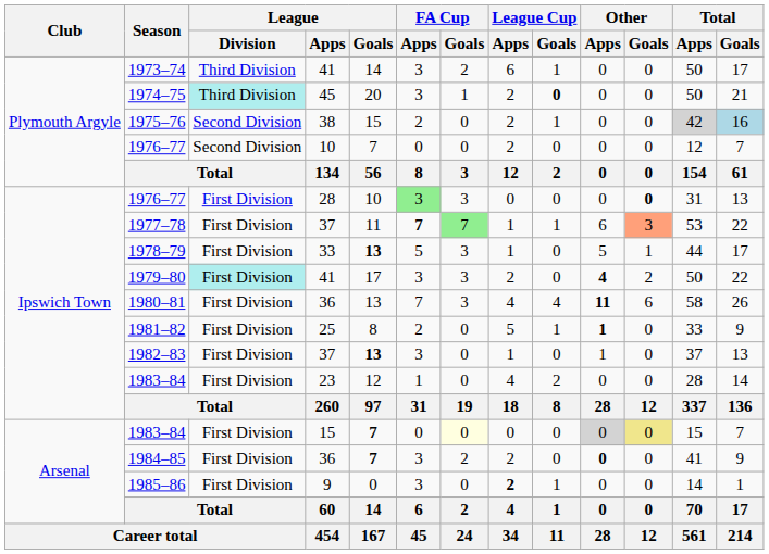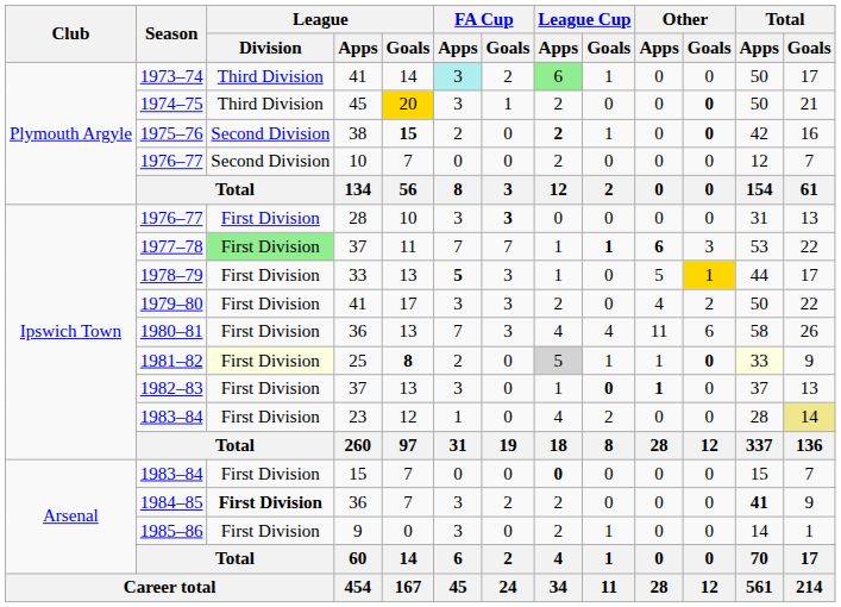 <table class="wikitable" style="text-align:center">
 <tr>
 <th rowspan="2">Club</th>
 <th rowspan="2">Season</th>
 <th colspan="3">League</th>
 <th colspan="2"><a href='#'>FA Cup</a></th>
 <th colspan="2"><a href='#'>League Cup</a></th>
 <th colspan="2">Other</th>
 <th colspan="2">Total</th>
 </tr>
 <tr>
 <th>Division</th>
 <th>Apps</th>
 <th>Goals</th>
 <th>Apps</th>
 <th>Goals</th>
 <th>Apps</th>
 <th>Goals</th>
 <th>Apps</th>
 <th>Goals</th>
 <th>Apps</th>
 <th>Goals</th>
 </tr>
 <tr>
 <td rowspan="5"><a href='#'>Plymouth Argyle</a></td>
 <td><a href='#'>1973–74</a></td>
 <td><a href='#'>Third Division</a></td>
 <td>41</td>
 <td>14</td>
-<td>3</td>
+<td style="background: paleturquoise;">3</td>
 <td>2</td>
-<td>6</td>
+<td style="background: lightgreen;">6</td>
 <td>1</td>
 <td>0</td>
 <td>0</td>
 <td>50</td>
 <td>17</td>
 </tr>
 <tr>
 <td><a href='#'>1974–75</a></td>
-<td style="background: paleturquoise;">Third Division</td>
+<td>Third Division</td>
 <td>45</td>
-<td>20</td>
+<td style="background: gold;">20</td>
 <td>3</td>
 <td>1</td>
 <td>2</td>
-<td><strong>0</strong></td>
 <td>0</td>
 <td>0</td>
+<td><strong>0</strong></td>
 <td>50</td>
 <td>21</td>
 </tr>
 <tr>
 <td><a href='#'>1975–76</a></td>
 <td><a href='#'>Second Division</a></td>
 <td>38</td>
-<td>15</td>
+<td><strong>15</strong></td>
 <td>2</td>
 <td>0</td>
-<td>2</td>
+<td><strong>2</strong></td>
 <td>1</td>
 <td>0</td>
-<td>0</td>
-<td style="background: lightgrey;">42</td>
-<td style="background: lightblue;">16</td>
+<td><strong>0</strong></td>
+<td>42</td>
+<td>16</td>
 </tr>
 <tr>
 <td><a href='#'>1976–77</a></td>
 <td>Second Division</td>
 <td>10</td>
 <td>7</td>
 <td>0</td>
 <td>0</td>
 <td>2</td>
 <td>0</td>
 <td>0</td>
 <td>0</td>
 <td>12</td>
 <td>7</td>
 </tr>
 <tr>
 <th colspan="2">Total</th>
 <th>134</th>
 <th>56</th>
 <th>8</th>
 <th>3</th>
 <th>12</th>
 <th>2</th>
 <th>0</th>
 <th>0</th>
 <th>154</th>
 <th>61</th>
 </tr>
 <tr>
 <td rowspan="9"><a href='#'>Ipswich Town</a></td>
 <td><a href='#'>1976–77</a></td>
 <td><a href='#'>First Division</a></td>
 <td>28</td>
 <td>10</td>
-<td style="background: lightgreen;">3</td>
 <td>3</td>
+<td><strong>3</strong></td>
 <td>0</td>
 <td>0</td>
 <td>0</td>
-<td><strong>0</strong></td>
+<td>0</td>
 <td>31</td>
 <td>13</td>
 </tr>
 <tr>
 <td><a href='#'>1977–78</a></td>
-<td>First Division</td>
+<td style="background: lightgreen;">First Division</td>
 <td>37</td>
 <td>11</td>
-<td><strong>7</strong></td>
-<td style="background: lightgreen;">7</td>
+<td>7</td>
+<td>7</td>
 <td>1</td>
-<td>1</td>
-<td>6</td>
-<td style="background: lightsalmon;">3</td>
+<td><strong>1</strong></td>
+<td><strong>6</strong></td>
+<td>3</td>
 <td>53</td>
 <td>22</td>
 </tr>
 <tr>
 <td><a href='#'>1978–79</a></td>
 <td>First Division</td>
 <td>33</td>
-<td><strong>13</strong></td>
-<td>5</td>
+<td>13</td>
+<td><strong>5</strong></td>
 <td>3</td>
 <td>1</td>
 <td>0</td>
 <td>5</td>
-<td>1</td>
+<td style="background: gold;">1</td>
 <td>44</td>
 <td>17</td>
 </tr>
 <tr>
 <td><a href='#'>1979–80</a></td>
-<td style="background: paleturquoise;">First Division</td>
+<td>First Division</td>
 <td>41</td>
 <td>17</td>
 <td>3</td>
 <td>3</td>
 <td>2</td>
 <td>0</td>
-<td><strong>4</strong></td>
+<td>4</td>
 <td>2</td>
 <td>50</td>
 <td>22</td>
 </tr>
 <tr>
 <td><a href='#'>1980–81</a></td>
 <td>First Division</td>
 <td>36</td>
 <td>13</td>
 <td>7</td>
 <td>3</td>
 <td>4</td>
 <td>4</td>
-<td><strong>11</strong></td>
+<td>11</td>
 <td>6</td>
 <td>58</td>
 <td>26</td>
 </tr>
 <tr>
 <td><a href='#'>1981–82</a></td>
-<td>First Division</td>
+<td style="background: lightyellow;">First Division</td>
 <td>25</td>
-<td>8</td>
+<td><strong>8</strong></td>
 <td>2</td>
 <td>0</td>
-<td>5</td>
+<td style="background: lightgrey;">5</td>
 <td>1</td>
-<td><strong>1</strong></td>
-<td>0</td>
-<td>33</td>
+<td>1</td>
+<td><strong>0</strong></td>
+<td style="background: lightyellow;">33</td>
 <td>9</td>
 </tr>
 <tr>
 <td><a href='#'>1982–83</a></td>
 <td>First Division</td>
 <td>37</td>
-<td><strong>13</strong></td>
+<td>13</td>
 <td>3</td>
 <td>0</td>
 <td>1</td>
-<td>0</td>
-<td>1</td>
+<td><strong>0</strong></td>
+<td><strong>1</strong></td>
 <td>0</td>
 <td>37</td>
 <td>13</td>
 </tr>
 <tr>
 <td><a href='#'>1983–84</a></td>
 <td>First Division</td>
 <td>23</td>
 <td>12</td>
 <td>1</td>
 <td>0</td>
 <td>4</td>
 <td>2</td>
 <td>0</td>
 <td>0</td>
 <td>28</td>
-<td>14</td>
+<td style="background: khaki;">14</td>
 </tr>
 <tr>
 <th colspan="2">Total</th>
 <th>260</th>
 <th>97</th>
 <th>31</th>
 <th>19</th>
 <th>18</th>
 <th>8</th>
 <th>28</th>
 <th>12</th>
 <th>337</th>
 <th>136</th>
 </tr>
 <tr>
 <td rowspan="4"><a href='#'>Arsenal</a></td>
 <td><a href='#'>1983–84</a></td>
 <td>First Division</td>
 <td>15</td>
-<td><strong>7</strong></td>
-<td>0</td>
-<td style="background: lightyellow;">0</td>
+<td>7</td>
 <td>0</td>
 <td>0</td>
-<td style="background: lightgrey;">0</td>
-<td style="background: khaki;">0</td>
+<td><strong>0</strong></td>
+<td>0</td>
+<td>0</td>
+<td>0</td>
 <td>15</td>
 <td>7</td>
 </tr>
 <tr>
 <td><a href='#'>1984–85</a></td>
-<td>First Division</td>
+<td><strong>First Division</strong></td>
 <td>36</td>
-<td><strong>7</strong></td>
+<td>7</td>
 <td>3</td>
 <td>2</td>
 <td>2</td>
 <td>0</td>
-<td><strong>0</strong></td>
 <td>0</td>
-<td>41</td>
+<td>0</td>
+<td><strong>41</strong></td>
 <td>9</td>
 </tr>
 <tr>
 <td><a href='#'>1985–86</a></td>
 <td>First Division</td>
 <td>9</td>
 <td>0</td>
 <td>3</td>
 <td>0</td>
-<td><strong>2</strong></td>
+<td>2</td>
 <td>1</td>
 <td>0</td>
 <td>0</td>
 <td>14</td>
 <td>1</td>
 </tr>
 <tr>
 <th colspan="2">Total</th>
 <th>60</th>
 <th>14</th>
 <th>6</th>
 <th>2</th>
 <th>4</th>
 <th>1</th>
 <th>0</th>
 <th>0</th>
 <th>70</th>
 <th>17</th>
 </tr>
 <tr>
 <th colspan="3">Career total</th>
 <th>454</th>
 <th>167</th>
 <th>45</th>
 <th>24</th>
 <th>34</th>
 <th>11</th>
 <th>28</th>
 <th>12</th>
 <th>561</th>
 <th>214</th>
 </tr>
 </table>
